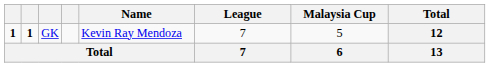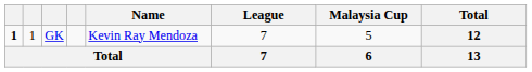 <table class="wikitable" style="text-align:center">
 <tr>
 <th width=15></th>
 <th width=15></th>
 <th width=15></th>
 <th width=15></th>
 <th width=145>Name</th>
 <th width=120>League</th>
 <th width=120>Malaysia Cup</th>
 <th width=120>Total</th>
 </tr>
 <tr>
 <td><strong>1</strong></td>
-<td><strong>1</strong></td>
+<td>1</td>
 <td><a href='#'>GK</a></td>
 <td></td>
 <td align=left><a href='#'>Kevin Ray Mendoza</a></td>
 <td>7</td>
 <td>5</td>
 <th>12</th>
 </tr>
 <tr>
 <th colspan="5">Total</th>
 <th>7</th>
 <th>6</th>
 <th>13</th>
 </tr>
 </table>
